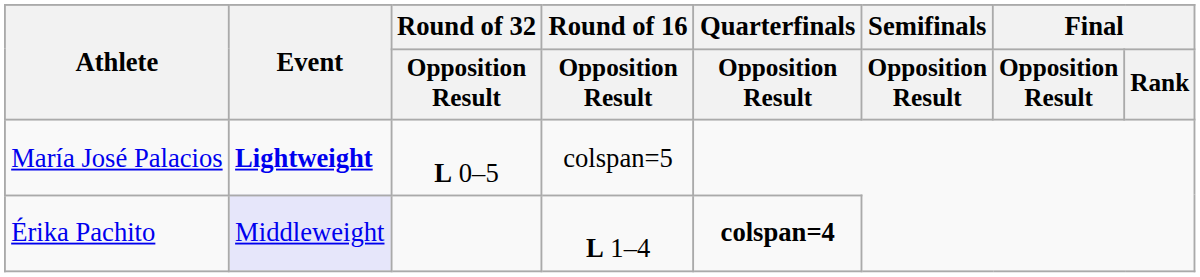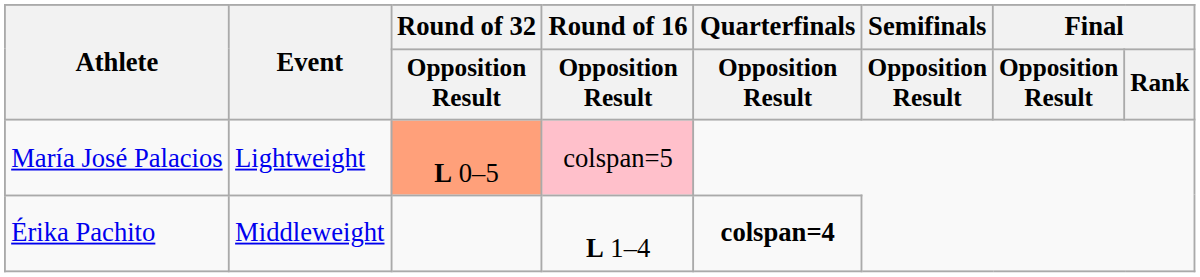 <table class="wikitable" style="font-size:90%">
 <tr>
 <th rowspan="2">Athlete</th>
 <th rowspan="2">Event</th>
 <th>Round of 32</th>
 <th>Round of 16</th>
 <th>Quarterfinals</th>
 <th>Semifinals</th>
 <th colspan=2>Final</th>
 </tr>
 <tr style="font-size:95%">
 <th>Opposition<br>Result</th>
 <th>Opposition<br>Result</th>
 <th>Opposition<br>Result</th>
 <th>Opposition<br>Result</th>
 <th>Opposition<br>Result</th>
 <th>Rank</th>
 </tr>
 <tr align=center>
 <td align=left><a href='#'>María José Palacios</a></td>
-<td align=left><strong><a href='#'>Lightweight</a></strong></td>
-<td><br><strong>L</strong> 0–5</td>
-<td>colspan=5 </td>
+<td align=left><a href='#'>Lightweight</a></td>
+<td style="background: lightsalmon;"><br><strong>L</strong> 0–5</td>
+<td style="background: pink;">colspan=5 </td>
 </tr>
 <tr align=center>
 <td align=left><a href='#'>Érika Pachito</a></td>
-<td align=left style="background: lavender;"><a href='#'>Middleweight</a></td>
+<td align=left><a href='#'>Middleweight</a></td>
 <td></td>
 <td><br><strong>L</strong> 1–4</td>
 <td><strong>colspan=4 </strong></td>
 </tr>
 </table>
